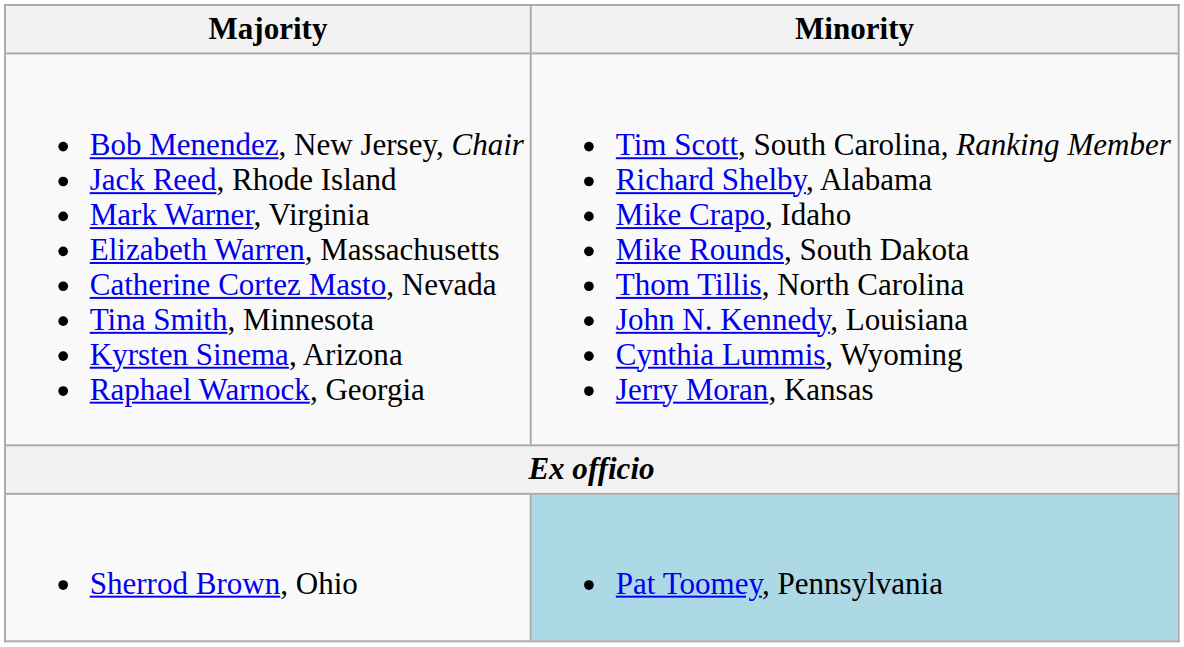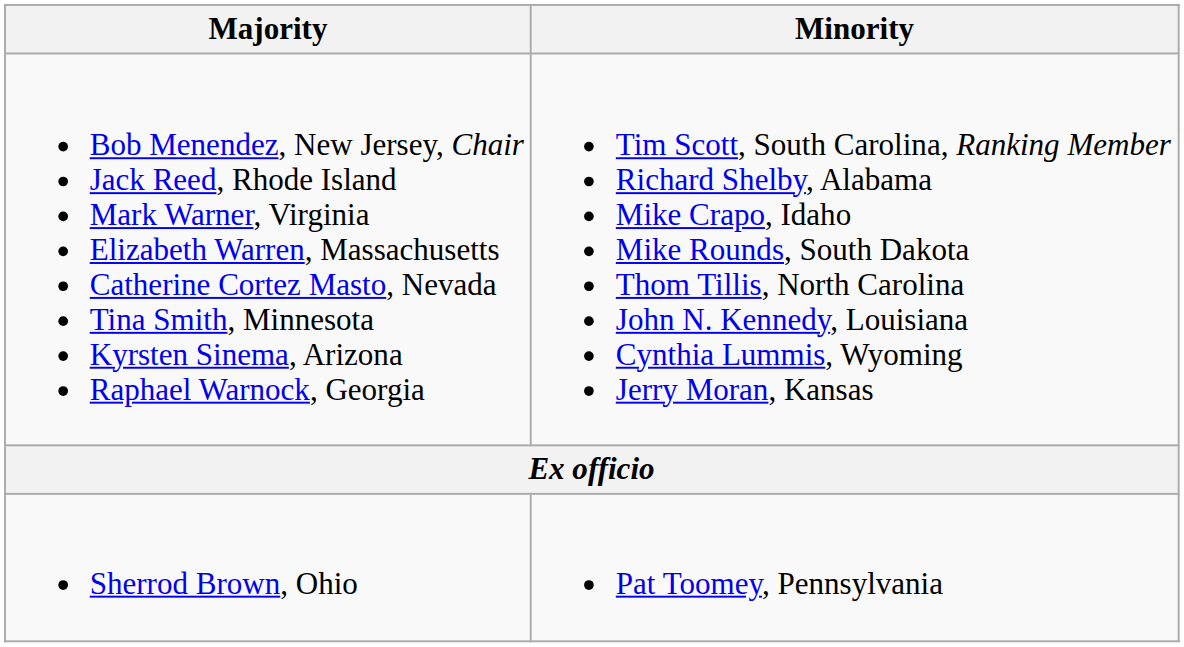 <table class="wikitable">
 <tr>
 <th>Majority</th>
 <th>Minority</th>
 </tr>
 <tr>
 <td><br><ul><li><a href='#'>Bob Menendez</a>, New Jersey, <em>Chair</em></li><li><a href='#'>Jack Reed</a>, Rhode Island</li><li><a href='#'>Mark Warner</a>, Virginia</li><li><a href='#'>Elizabeth Warren</a>, Massachusetts</li><li><a href='#'>Catherine Cortez Masto</a>, Nevada</li><li><a href='#'>Tina Smith</a>, Minnesota</li><li><a href='#'>Kyrsten Sinema</a>, Arizona</li><li><a href='#'>Raphael Warnock</a>, Georgia</li></ul></td>
 <td><br><ul><li><a href='#'>Tim Scott</a>, South Carolina, <em>Ranking Member</em></li><li><a href='#'>Richard Shelby</a>, Alabama</li><li><a href='#'>Mike Crapo</a>, Idaho</li><li><a href='#'>Mike Rounds</a>, South Dakota</li><li><a href='#'>Thom Tillis</a>, North Carolina</li><li><a href='#'>John N. Kennedy</a>, Louisiana</li><li><a href='#'>Cynthia Lummis</a>, Wyoming</li><li><a href='#'>Jerry Moran</a>, Kansas</li></ul></td>
 </tr>
 <tr>
 <th colspan="2"><em>Ex officio</em></th>
 </tr>
 <tr>
 <td><br><ul><li><a href='#'>Sherrod Brown</a>, Ohio</li></ul></td>
-<td style="background: lightblue;"><br><ul><li><a href='#'>Pat Toomey</a>, Pennsylvania</li></ul></td>
+<td><br><ul><li><a href='#'>Pat Toomey</a>, Pennsylvania</li></ul></td>
 </tr>
 </table>
